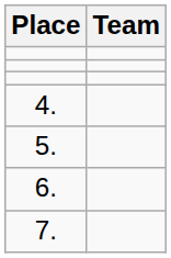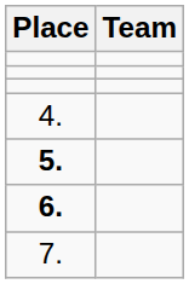 <table class="wikitable">
 <tr>
 <th>Place</th>
 <th>Team</th>
 </tr>
 <tr>
 <td align="center"></td>
 <td></td>
 </tr>
 <tr>
 <td align="center"></td>
 <td></td>
 </tr>
 <tr>
 <td align="center"></td>
 <td></td>
 </tr>
 <tr>
 <td align="center">4.</td>
 <td></td>
 </tr>
 <tr>
-<td align="center">5.</td>
+<td align="center"><strong>5.</strong></td>
 <td></td>
 </tr>
 <tr>
-<td align="center">6.</td>
+<td align="center"><strong>6.</strong></td>
 <td></td>
 </tr>
 <tr>
 <td align="center">7.</td>
 <td></td>
 </tr>
 </table>
